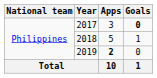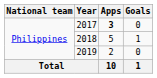 <table class=wikitable style=text-align:center>
 <tr>
 <th>National team</th>
 <th>Year</th>
 <th>Apps</th>
 <th>Goals</th>
 </tr>
 <tr>
 <td rowspan=3><a href='#'>Philippines</a></td>
 <td>2017</td>
-<td>3</td>
-<td><strong>0</strong></td>
+<td><strong>3</strong></td>
+<td>0</td>
 </tr>
 <tr>
 <td>2018</td>
 <td>5</td>
 <td>1</td>
 </tr>
 <tr>
 <td>2019</td>
-<td><strong>2</strong></td>
+<td>2</td>
 <td>0</td>
 </tr>
 <tr>
 <th colspan=2>Total</th>
 <th>10</th>
 <th>1</th>
 </tr>
 </table>
